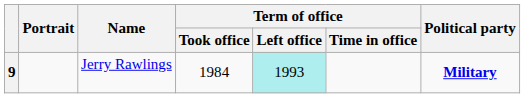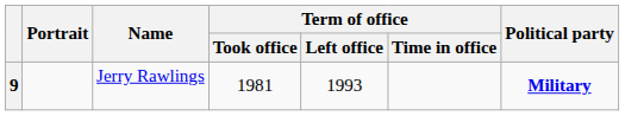 <table class="wikitable" style="text-align:center">
 <tr>
 <th rowspan="2"></th>
 <th rowspan="2">Portrait</th>
 <th rowspan="2">Name<br></th>
 <th colspan="3">Term of office</th>
 <th rowspan="2">Political party</th>
 </tr>
 <tr>
 <th>Took office</th>
 <th>Left office</th>
 <th>Time in office</th>
 </tr>
 <tr>
 <th style="background:">9</th>
 <td></td>
 <td><a href='#'> Jerry Rawlings</a><br><br></td>
-<td> 1984</td>
-<td style="background: paleturquoise;"> 1993</td>
+<td> 1981</td>
+<td> 1993</td>
 <td></td>
 <td><strong><a href='#'>Military</a></strong></td>
 </tr>
 </table>
